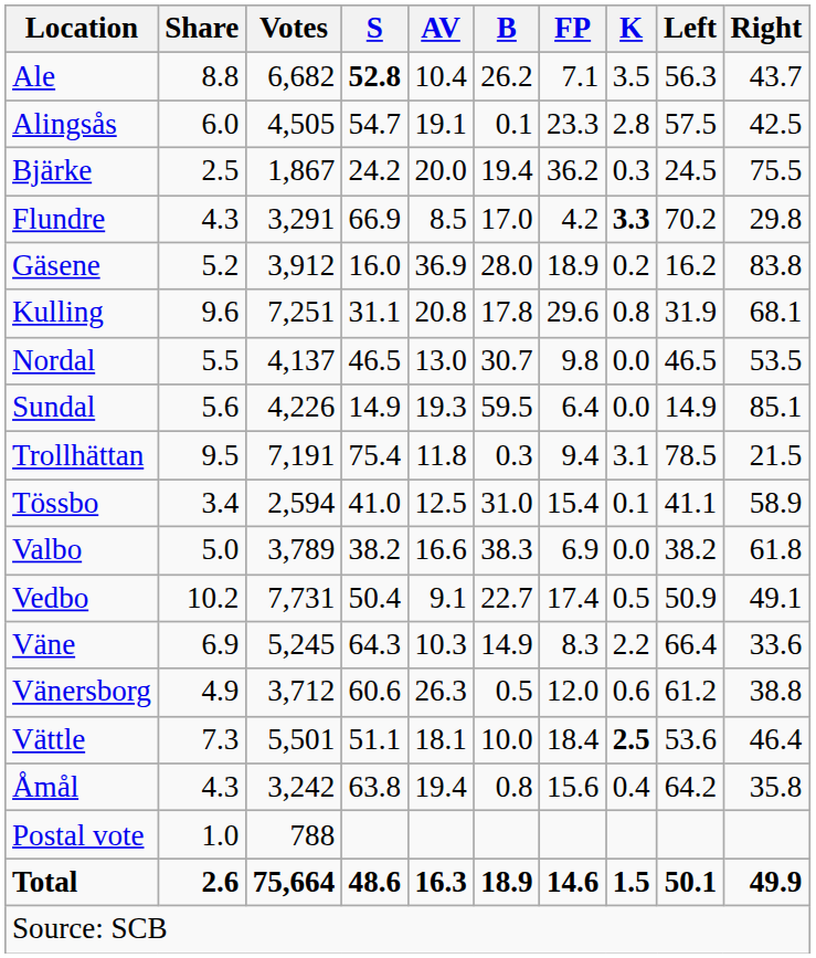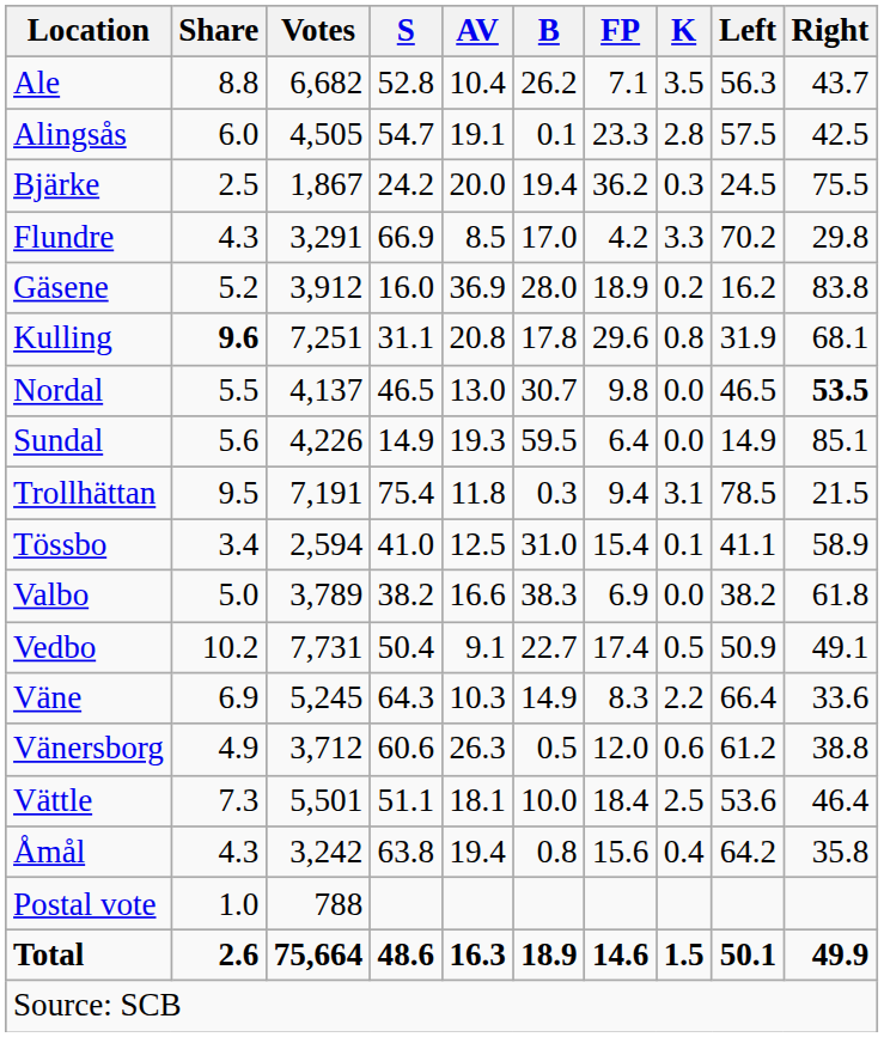 <table class="wikitable sortable" style=text-align:right>
 <tr>
 <th>Location</th>
 <th>Share</th>
 <th>Votes</th>
 <th><a href='#'>S</a></th>
 <th><a href='#'>AV</a></th>
 <th><a href='#'>B</a></th>
 <th><a href='#'>FP</a></th>
 <th><a href='#'>K</a></th>
 <th>Left</th>
 <th>Right</th>
 </tr>
 <tr>
 <td align=left><a href='#'>Ale</a></td>
 <td>8.8</td>
 <td>6,682</td>
-<td><strong>52.8</strong></td>
+<td>52.8</td>
 <td>10.4</td>
 <td>26.2</td>
 <td>7.1</td>
 <td>3.5</td>
 <td>56.3</td>
 <td>43.7</td>
 </tr>
 <tr>
 <td align=left><a href='#'>Alingsås</a></td>
 <td>6.0</td>
 <td>4,505</td>
 <td>54.7</td>
 <td>19.1</td>
 <td>0.1</td>
 <td>23.3</td>
 <td>2.8</td>
 <td>57.5</td>
 <td>42.5</td>
 </tr>
 <tr>
 <td align=left><a href='#'>Bjärke</a></td>
 <td>2.5</td>
 <td>1,867</td>
 <td>24.2</td>
 <td>20.0</td>
 <td>19.4</td>
 <td>36.2</td>
 <td>0.3</td>
 <td>24.5</td>
 <td>75.5</td>
 </tr>
 <tr>
 <td align=left><a href='#'>Flundre</a></td>
 <td>4.3</td>
 <td>3,291</td>
 <td>66.9</td>
 <td>8.5</td>
 <td>17.0</td>
 <td>4.2</td>
-<td><strong>3.3</strong></td>
+<td>3.3</td>
 <td>70.2</td>
 <td>29.8</td>
 </tr>
 <tr>
 <td align=left><a href='#'>Gäsene</a></td>
 <td>5.2</td>
 <td>3,912</td>
 <td>16.0</td>
 <td>36.9</td>
 <td>28.0</td>
 <td>18.9</td>
 <td>0.2</td>
 <td>16.2</td>
 <td>83.8</td>
 </tr>
 <tr>
 <td align=left><a href='#'>Kulling</a></td>
-<td>9.6</td>
+<td><strong>9.6</strong></td>
 <td>7,251</td>
 <td>31.1</td>
 <td>20.8</td>
 <td>17.8</td>
 <td>29.6</td>
 <td>0.8</td>
 <td>31.9</td>
 <td>68.1</td>
 </tr>
 <tr>
 <td align=left><a href='#'>Nordal</a></td>
 <td>5.5</td>
 <td>4,137</td>
 <td>46.5</td>
 <td>13.0</td>
 <td>30.7</td>
 <td>9.8</td>
 <td>0.0</td>
 <td>46.5</td>
-<td>53.5</td>
+<td><strong>53.5</strong></td>
 </tr>
 <tr>
 <td align=left><a href='#'>Sundal</a></td>
 <td>5.6</td>
 <td>4,226</td>
 <td>14.9</td>
 <td>19.3</td>
 <td>59.5</td>
 <td>6.4</td>
 <td>0.0</td>
 <td>14.9</td>
 <td>85.1</td>
 </tr>
 <tr>
 <td align=left><a href='#'>Trollhättan</a></td>
 <td>9.5</td>
 <td>7,191</td>
 <td>75.4</td>
 <td>11.8</td>
 <td>0.3</td>
 <td>9.4</td>
 <td>3.1</td>
 <td>78.5</td>
 <td>21.5</td>
 </tr>
 <tr>
 <td align=left><a href='#'>Tössbo</a></td>
 <td>3.4</td>
 <td>2,594</td>
 <td>41.0</td>
 <td>12.5</td>
 <td>31.0</td>
 <td>15.4</td>
 <td>0.1</td>
 <td>41.1</td>
 <td>58.9</td>
 </tr>
 <tr>
 <td align=left><a href='#'>Valbo</a></td>
 <td>5.0</td>
 <td>3,789</td>
 <td>38.2</td>
 <td>16.6</td>
 <td>38.3</td>
 <td>6.9</td>
 <td>0.0</td>
 <td>38.2</td>
 <td>61.8</td>
 </tr>
 <tr>
 <td align=left><a href='#'>Vedbo</a></td>
 <td>10.2</td>
 <td>7,731</td>
 <td>50.4</td>
 <td>9.1</td>
 <td>22.7</td>
 <td>17.4</td>
 <td>0.5</td>
 <td>50.9</td>
 <td>49.1</td>
 </tr>
 <tr>
 <td align=left><a href='#'>Väne</a></td>
 <td>6.9</td>
 <td>5,245</td>
 <td>64.3</td>
 <td>10.3</td>
 <td>14.9</td>
 <td>8.3</td>
 <td>2.2</td>
 <td>66.4</td>
 <td>33.6</td>
 </tr>
 <tr>
 <td align=left><a href='#'>Vänersborg</a></td>
 <td>4.9</td>
 <td>3,712</td>
 <td>60.6</td>
 <td>26.3</td>
 <td>0.5</td>
 <td>12.0</td>
 <td>0.6</td>
 <td>61.2</td>
 <td>38.8</td>
 </tr>
 <tr>
 <td align=left><a href='#'>Vättle</a></td>
 <td>7.3</td>
 <td>5,501</td>
 <td>51.1</td>
 <td>18.1</td>
 <td>10.0</td>
 <td>18.4</td>
-<td><strong>2.5</strong></td>
+<td>2.5</td>
 <td>53.6</td>
 <td>46.4</td>
 </tr>
 <tr>
 <td align=left><a href='#'>Åmål</a></td>
 <td>4.3</td>
 <td>3,242</td>
 <td>63.8</td>
 <td>19.4</td>
 <td>0.8</td>
 <td>15.6</td>
 <td>0.4</td>
 <td>64.2</td>
 <td>35.8</td>
 </tr>
 <tr>
 <td align=left><a href='#'>Postal vote</a></td>
 <td>1.0</td>
 <td>788</td>
 <td></td>
 <td></td>
 <td></td>
 <td></td>
 <td></td>
 <td></td>
 <td></td>
 </tr>
 <tr>
 <td align=left><strong>Total</strong></td>
 <td><strong>2.6</strong></td>
 <td><strong>75,664</strong></td>
 <td><strong>48.6</strong></td>
 <td><strong>16.3</strong></td>
 <td><strong>18.9</strong></td>
 <td><strong>14.6</strong></td>
 <td><strong>1.5</strong></td>
 <td><strong>50.1</strong></td>
 <td><strong>49.9</strong></td>
 </tr>
 <tr>
 <td align=left colspan=11>Source: SCB </td>
 </tr>
 </table>
